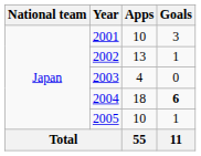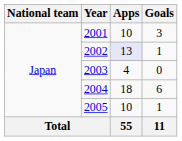 <table class="wikitable" style="text-align:center">
 <tr>
 <th>National team</th>
 <th>Year</th>
 <th>Apps</th>
 <th>Goals</th>
 </tr>
 <tr>
 <td rowspan="5"><a href='#'>Japan</a></td>
 <td><a href='#'>2001</a></td>
 <td>10</td>
 <td>3</td>
 </tr>
 <tr>
 <td><a href='#'>2002</a></td>
-<td>13</td>
+<td style="background: lavender;">13</td>
 <td>1</td>
 </tr>
 <tr>
 <td><a href='#'>2003</a></td>
 <td>4</td>
 <td>0</td>
 </tr>
 <tr>
 <td><a href='#'>2004</a></td>
 <td>18</td>
-<td><strong>6</strong></td>
+<td>6</td>
 </tr>
 <tr>
 <td><a href='#'>2005</a></td>
 <td>10</td>
 <td>1</td>
 </tr>
 <tr>
 <th colspan="2">Total</th>
 <th>55</th>
 <th>11</th>
 </tr>
 </table>
